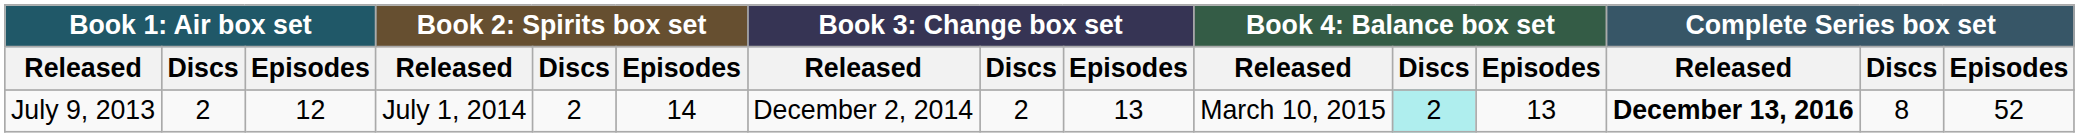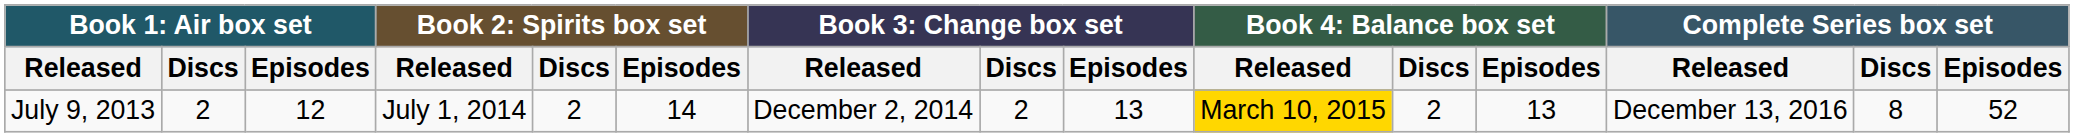 <table class="wikitable">
 <tr>
 <th colspan="3" style="background-color: #205868; color:white;"><strong>Book 1: Air box set</strong></th>
 <th colspan="3" style="background-color: #664F30; color:white;"><strong>Book 2: Spirits box set</strong></th>
 <th colspan="3" style="background-color: #363454; color:white;"><strong>Book 3: Change  box set</strong></th>
 <th colspan="3" style="background-color: #345C46; color:white;"><strong>Book 4: Balance box set</strong></th>
 <th colspan="3" style="background-color: #375667; color:white;"><strong>Complete Series box set</strong></th>
 </tr>
 <tr>
 <th><strong>Released</strong></th>
 <th><strong>Discs</strong></th>
 <th><strong>Episodes</strong></th>
 <th><strong>Released</strong></th>
 <th><strong>Discs</strong></th>
 <th><strong>Episodes</strong></th>
 <th><strong>Released</strong></th>
 <th><strong>Discs</strong></th>
 <th><strong>Episodes</strong></th>
 <th><strong>Released</strong></th>
 <th><strong>Discs</strong></th>
 <th><strong>Episodes</strong></th>
 <th><strong>Released</strong></th>
 <th><strong>Discs</strong></th>
 <th><strong>Episodes</strong></th>
 </tr>
 <tr>
 <td>July 9, 2013</td>
 <td align=center>2</td>
 <td align=center>12</td>
 <td>July 1, 2014</td>
 <td align=center>2</td>
 <td align=center>14</td>
 <td>December 2, 2014</td>
 <td align=center>2</td>
 <td align=center>13</td>
-<td>March 10, 2015</td>
-<td align=center style="background: paleturquoise;">2</td>
+<td style="background: gold;">March 10, 2015</td>
+<td align=center>2</td>
 <td align=center>13</td>
-<td><strong>December 13, 2016</strong></td>
+<td>December 13, 2016</td>
 <td align=center>8</td>
 <td align=center>52</td>
 </tr>
 </table>
